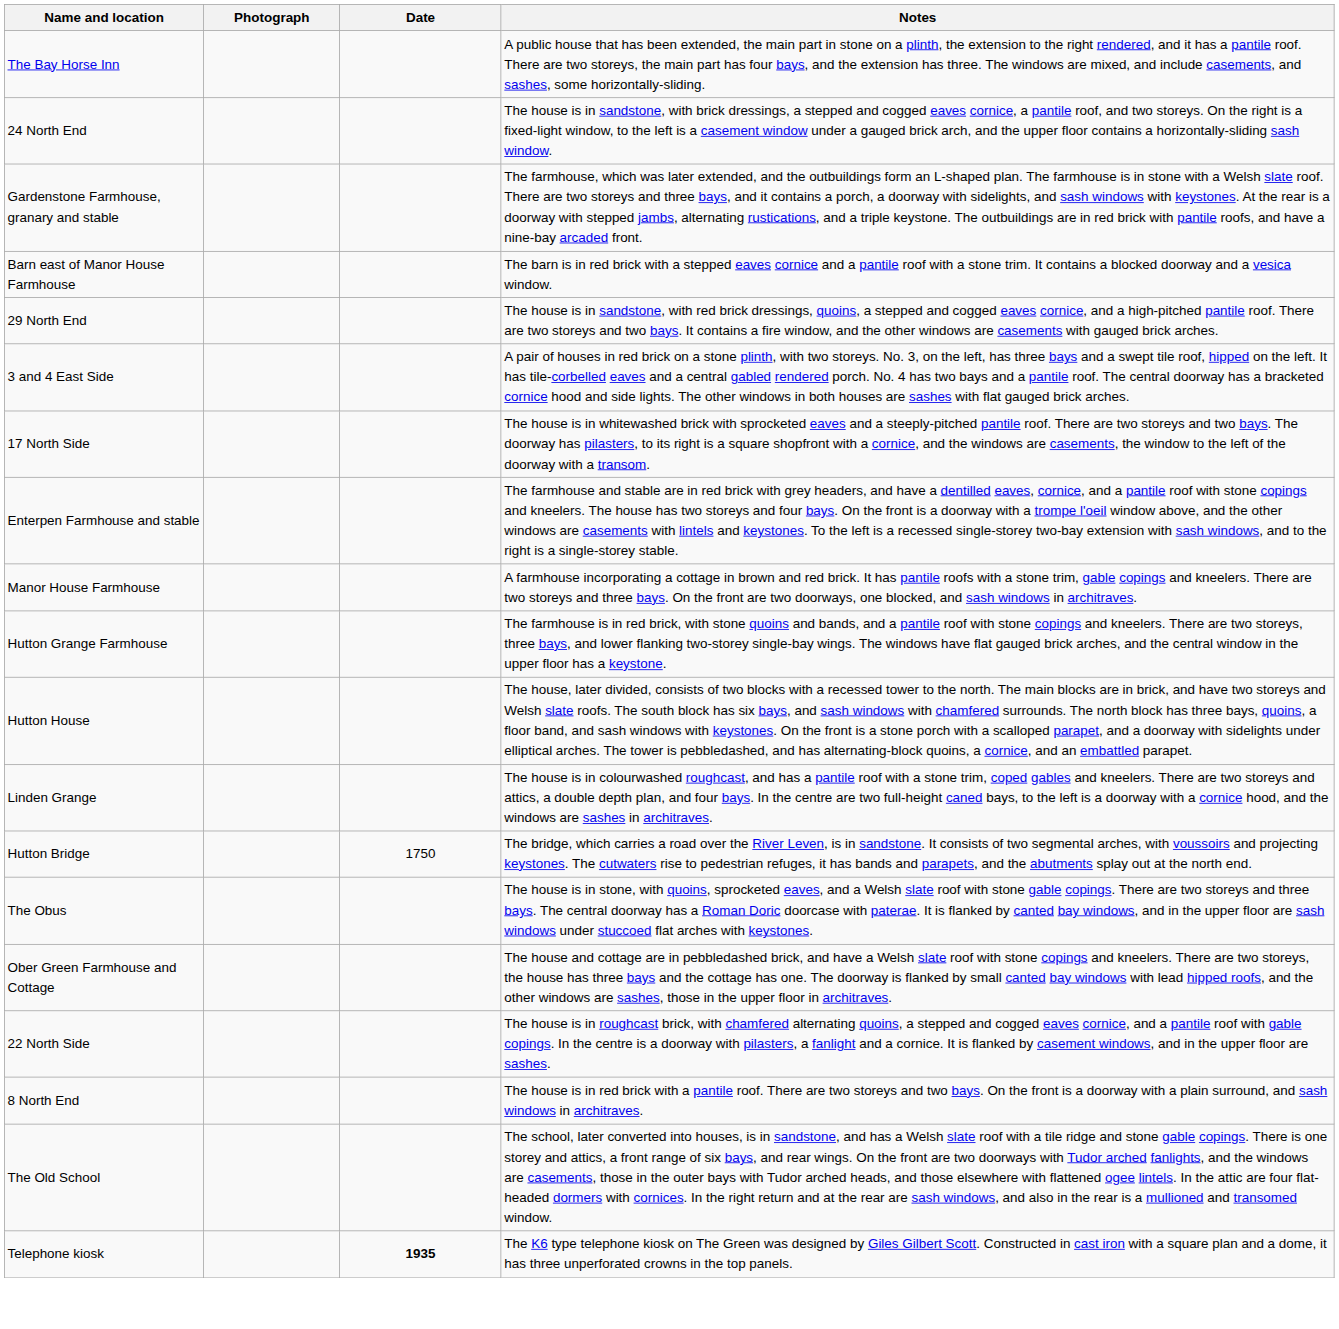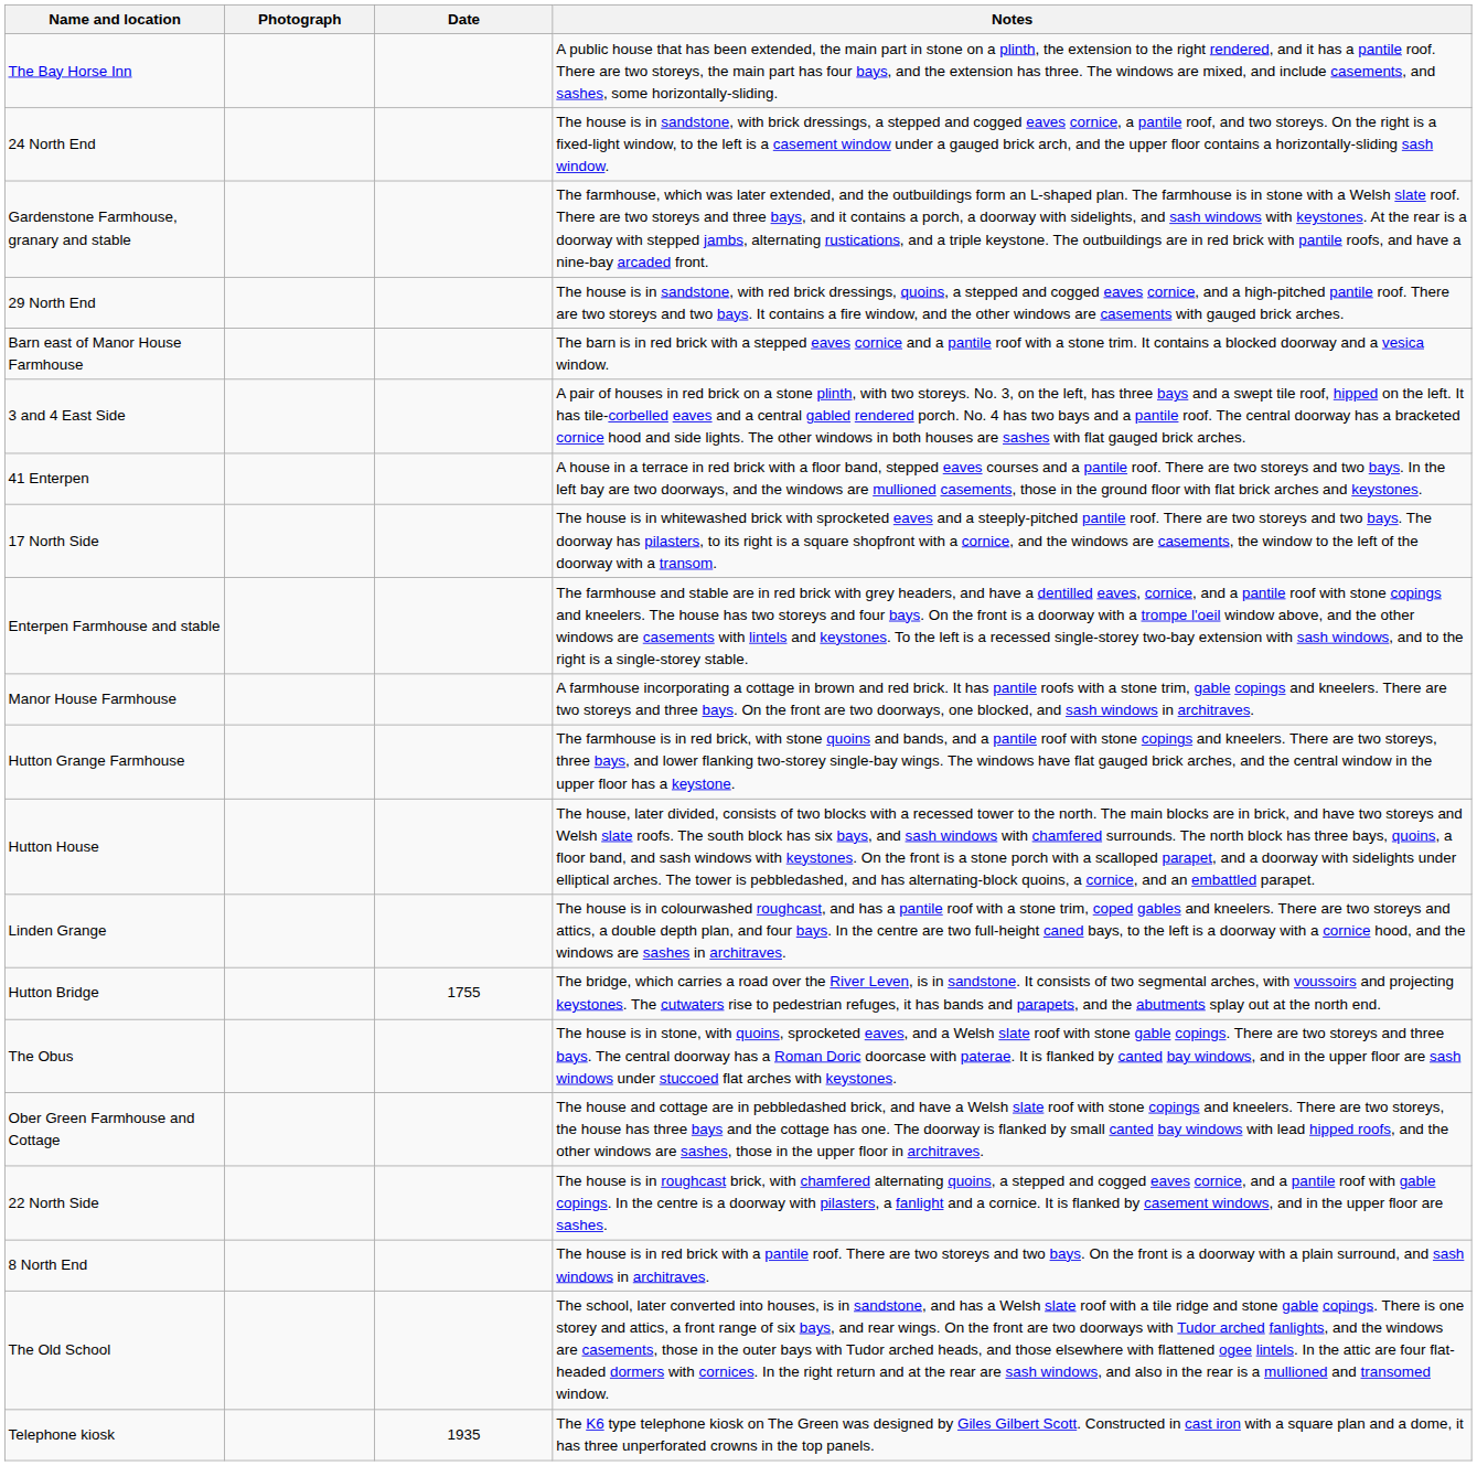 <table class="wikitable sortable plainrowheaders" style="width:100%;border:0px;text-align:left;line-height:150%;">
 <tr>
 <th scope="col"  style="width:150px">Name and location</th>
 <th scope="col"  style="width:100px" class="unsortable">Photograph</th>
 <th scope="col"  style="width:120px">Date</th>
 <th scope="col"  style="width:650px" class="unsortable">Notes</th>
 </tr>
 <tr>
 <td><a href='#'>The Bay Horse Inn</a><br><small></small></td>
 <td></td>
 <td align="center"></td>
 <td>A public house that has been extended, the main part in stone on a <a href='#'>plinth</a>, the extension to the right <a href='#'>rendered</a>, and it has a <a href='#'>pantile</a> roof. There are two storeys, the main part has four <a href='#'>bays</a>, and the extension has three. The windows are mixed, and include <a href='#'>casements</a>, and <a href='#'>sashes</a>, some horizontally-sliding.</td>
 </tr>
 <tr>
 <td>24 North End<br><small></small></td>
 <td></td>
 <td align="center"></td>
 <td>The house is in <a href='#'>sandstone</a>, with brick dressings, a stepped and cogged <a href='#'>eaves</a> <a href='#'>cornice</a>, a <a href='#'>pantile</a> roof, and two storeys. On the right is a fixed-light window, to the left is a <a href='#'>casement window</a> under a gauged brick arch, and the upper floor contains a horizontally-sliding <a href='#'>sash window</a>.</td>
 </tr>
 <tr>
 <td>Gardenstone Farmhouse, granary and stable<br><small></small></td>
 <td></td>
 <td align="center"></td>
 <td>The farmhouse, which was later extended, and the outbuildings form an L-shaped plan. The farmhouse is in stone with a Welsh <a href='#'>slate</a> roof. There are two storeys and three <a href='#'>bays</a>, and it contains a porch, a doorway with sidelights, and <a href='#'>sash windows</a> with <a href='#'>keystones</a>. At the rear is a doorway with stepped <a href='#'>jambs</a>, alternating <a href='#'>rustications</a>, and a triple keystone. The outbuildings are in red brick with <a href='#'>pantile</a> roofs, and have a nine-bay <a href='#'>arcaded</a> front.</td>
 </tr>
 <tr>
+<td>29 North End<br><small></small></td>
+<td></td>
+<td align="center"></td>
+<td>The house is in <a href='#'>sandstone</a>, with red brick dressings, <a href='#'>quoins</a>, a stepped and cogged <a href='#'>eaves</a> <a href='#'>cornice</a>, and a high-pitched <a href='#'>pantile</a> roof. There are two storeys and two <a href='#'>bays</a>. It contains a fire window, and the other windows are <a href='#'>casements</a> with gauged brick arches.</td>
+</tr>
+<tr>
 <td>Barn east of Manor House Farmhouse<br><small></small></td>
 <td></td>
 <td align="center"></td>
 <td>The barn is in red brick with a stepped <a href='#'>eaves</a> <a href='#'>cornice</a> and a <a href='#'>pantile</a> roof with a stone trim. It contains a blocked doorway and a <a href='#'>vesica</a> window.</td>
 </tr>
 <tr>
-<td>29 North End<br><small></small></td>
-<td></td>
-<td align="center"></td>
-<td>The house is in <a href='#'>sandstone</a>, with red brick dressings, <a href='#'>quoins</a>, a stepped and cogged <a href='#'>eaves</a> <a href='#'>cornice</a>, and a high-pitched <a href='#'>pantile</a> roof. There are two storeys and two <a href='#'>bays</a>. It contains a fire window, and the other windows are <a href='#'>casements</a> with gauged brick arches.</td>
-</tr>
-<tr>
 <td>3 and 4 East Side<br><small></small></td>
 <td></td>
 <td align="center"></td>
 <td>A pair of houses in red brick on a stone <a href='#'>plinth</a>, with two storeys. No. 3, on the left, has three <a href='#'>bays</a> and a swept tile roof, <a href='#'>hipped</a> on the left. It has tile-<a href='#'>corbelled</a> <a href='#'>eaves</a> and a central <a href='#'>gabled</a> <a href='#'>rendered</a> porch. No. 4 has two bays and a <a href='#'>pantile</a> roof. The central doorway has a bracketed <a href='#'>cornice</a> hood and side lights. The other windows in both houses are <a href='#'>sashes</a> with flat gauged brick arches.</td>
+</tr>
+<tr>
+<td>41 Enterpen<br><small></small></td>
+<td></td>
+<td align="center"></td>
+<td>A house in a terrace in red brick with a floor band, stepped <a href='#'>eaves</a> courses and a <a href='#'>pantile</a> roof. There are two storeys and two <a href='#'>bays</a>. In the left bay are two doorways, and the windows are <a href='#'>mullioned</a> <a href='#'>casements</a>, those in the ground floor with flat brick arches and <a href='#'>keystones</a>.</td>
 </tr>
 <tr>
 <td>17 North Side<br><small></small></td>
 <td></td>
 <td align="center"></td>
 <td>The house is in whitewashed brick with sprocketed <a href='#'>eaves</a> and a steeply-pitched <a href='#'>pantile</a> roof. There are two storeys and two <a href='#'>bays</a>. The doorway has <a href='#'>pilasters</a>, to its right is a square shopfront with a <a href='#'>cornice</a>, and the windows are <a href='#'>casements</a>, the window to the left of the doorway with a <a href='#'>transom</a>.</td>
 </tr>
 <tr>
 <td>Enterpen Farmhouse and stable<br><small></small></td>
 <td></td>
 <td align="center"></td>
 <td>The farmhouse and stable are in red brick with grey headers, and have a <a href='#'>dentilled</a> <a href='#'>eaves</a>, <a href='#'>cornice</a>, and a <a href='#'>pantile</a> roof with stone <a href='#'>copings</a> and kneelers. The house has two storeys and four <a href='#'>bays</a>. On the front is a doorway with a <a href='#'>trompe l'oeil</a> window above, and the other windows are <a href='#'>casements</a> with <a href='#'>lintels</a> and <a href='#'>keystones</a>. To the left is a recessed single-storey two-bay extension with <a href='#'>sash windows</a>, and to the right is a single-storey stable.</td>
 </tr>
 <tr>
 <td>Manor House Farmhouse<br><small></small></td>
 <td></td>
 <td align="center"></td>
 <td>A farmhouse incorporating a cottage in brown and red brick. It has <a href='#'>pantile</a> roofs with a stone trim, <a href='#'>gable</a> <a href='#'>copings</a> and kneelers. There are two storeys and three <a href='#'>bays</a>. On the front are two doorways, one blocked, and <a href='#'>sash windows</a> in <a href='#'>architraves</a>.</td>
 </tr>
 <tr>
 <td>Hutton Grange Farmhouse<br><small></small></td>
 <td></td>
 <td align="center"></td>
 <td>The farmhouse is in red brick, with stone <a href='#'>quoins</a> and bands, and a <a href='#'>pantile</a> roof with stone <a href='#'>copings</a> and kneelers. There are two storeys, three <a href='#'>bays</a>, and lower flanking two-storey single-bay wings. The windows have flat gauged brick arches, and the central window in the upper floor has a <a href='#'>keystone</a>.</td>
 </tr>
 <tr>
 <td>Hutton House<br><small></small></td>
 <td></td>
 <td align="center"></td>
 <td>The house, later divided, consists of two blocks with a recessed tower to the north. The main blocks are in brick, and have two storeys and Welsh <a href='#'>slate</a> roofs. The south block has six <a href='#'>bays</a>, and <a href='#'>sash windows</a> with <a href='#'>chamfered</a> surrounds. The north block has three bays, <a href='#'>quoins</a>, a floor band, and sash windows with <a href='#'>keystones</a>. On the front is a stone porch with  a scalloped <a href='#'>parapet</a>, and a doorway with sidelights under elliptical arches. The tower is pebbledashed, and has alternating-block quoins, a <a href='#'>cornice</a>, and an <a href='#'>embattled</a> parapet.</td>
 </tr>
 <tr>
 <td>Linden Grange<br><small></small></td>
 <td></td>
 <td align="center"></td>
 <td>The house is in colourwashed <a href='#'>roughcast</a>, and has a <a href='#'>pantile</a> roof with a stone trim, <a href='#'>coped</a> <a href='#'>gables</a> and kneelers. There are two storeys and attics, a double depth plan, and four <a href='#'>bays</a>. In the centre are two full-height <a href='#'>caned</a> bays, to the left is a doorway with a <a href='#'>cornice</a> hood, and the windows are <a href='#'>sashes</a> in <a href='#'>architraves</a>.</td>
 </tr>
 <tr>
 <td>Hutton Bridge<br><small></small></td>
 <td></td>
-<td align="center">1750</td>
+<td align="center">1755</td>
 <td>The bridge, which carries a road over the <a href='#'>River Leven</a>, is in <a href='#'>sandstone</a>. It consists of two segmental arches, with <a href='#'>voussoirs</a> and projecting <a href='#'>keystones</a>. The <a href='#'>cutwaters</a> rise to pedestrian refuges, it has bands and <a href='#'>parapets</a>, and the <a href='#'>abutments</a> splay out at the north end.</td>
 </tr>
 <tr>
 <td>The Obus<br><small></small></td>
 <td></td>
 <td align="center"></td>
 <td>The house is in stone, with <a href='#'>quoins</a>, sprocketed <a href='#'>eaves</a>, and a Welsh <a href='#'>slate</a> roof with stone <a href='#'>gable</a> <a href='#'>copings</a>. There are two storeys and three <a href='#'>bays</a>. The central doorway has a <a href='#'>Roman Doric</a> doorcase with <a href='#'>paterae</a>. It is flanked by <a href='#'>canted</a> <a href='#'>bay windows</a>, and in the upper floor are <a href='#'>sash windows</a> under <a href='#'>stuccoed</a> flat arches with <a href='#'>keystones</a>.</td>
 </tr>
 <tr>
 <td>Ober Green Farmhouse and Cottage<br><small></small></td>
 <td></td>
 <td align="center"></td>
 <td>The house and cottage are in pebbledashed brick, and have a Welsh <a href='#'>slate</a> roof with stone <a href='#'>copings</a> and kneelers. There are two storeys, the house has three <a href='#'>bays</a> and the cottage has one. The doorway is flanked by small <a href='#'>canted</a> <a href='#'>bay windows</a> with lead <a href='#'>hipped roofs</a>, and the other windows are <a href='#'>sashes</a>, those in the upper floor in <a href='#'>architraves</a>.</td>
 </tr>
 <tr>
 <td>22 North Side<br><small></small></td>
 <td></td>
 <td align="center"></td>
 <td>The house is in <a href='#'>roughcast</a> brick, with <a href='#'>chamfered</a> alternating <a href='#'>quoins</a>, a stepped and cogged <a href='#'>eaves</a> <a href='#'>cornice</a>, and a <a href='#'>pantile</a> roof with <a href='#'>gable</a> <a href='#'>copings</a>. In the centre is a doorway with <a href='#'>pilasters</a>, a <a href='#'>fanlight</a> and a cornice. It is flanked by <a href='#'>casement windows</a>, and in the upper floor are <a href='#'>sashes</a>.</td>
 </tr>
 <tr>
 <td>8 North End<br><small></small></td>
 <td></td>
 <td align="center"></td>
 <td>The house is in red brick with a <a href='#'>pantile</a> roof. There are two storeys and two <a href='#'>bays</a>. On the front is a doorway with a plain surround, and <a href='#'>sash windows</a> in <a href='#'>architraves</a>.</td>
 </tr>
 <tr>
 <td>The Old School<br><small></small></td>
 <td></td>
 <td align="center"></td>
 <td>The school, later converted into houses, is in <a href='#'>sandstone</a>, and has a Welsh <a href='#'>slate</a> roof with a tile ridge and stone <a href='#'>gable</a> <a href='#'>copings</a>. There is one storey and attics, a front range of six <a href='#'>bays</a>, and rear wings. On the front are two doorways with <a href='#'>Tudor arched</a> <a href='#'>fanlights</a>, and the windows are <a href='#'>casements</a>, those in the outer bays with Tudor arched heads, and those elsewhere with flattened <a href='#'>ogee</a> <a href='#'>lintels</a>. In the attic are four flat-headed <a href='#'>dormers</a> with <a href='#'>cornices</a>. In the right return and at the rear are <a href='#'>sash windows</a>, and also in the rear is a <a href='#'>mullioned</a> and <a href='#'>transomed</a> window.</td>
 </tr>
 <tr>
 <td>Telephone kiosk<br><small></small></td>
 <td></td>
-<td align="center"><strong>1935</strong></td>
+<td align="center">1935</td>
 <td>The <a href='#'>K6</a> type telephone kiosk on The Green was designed by <a href='#'>Giles Gilbert Scott</a>.  Constructed in <a href='#'>cast iron</a> with a square plan and a dome, it has three unperforated crowns in the top panels.</td>
 </tr>
 <tr>
 </tr>
 </table>
